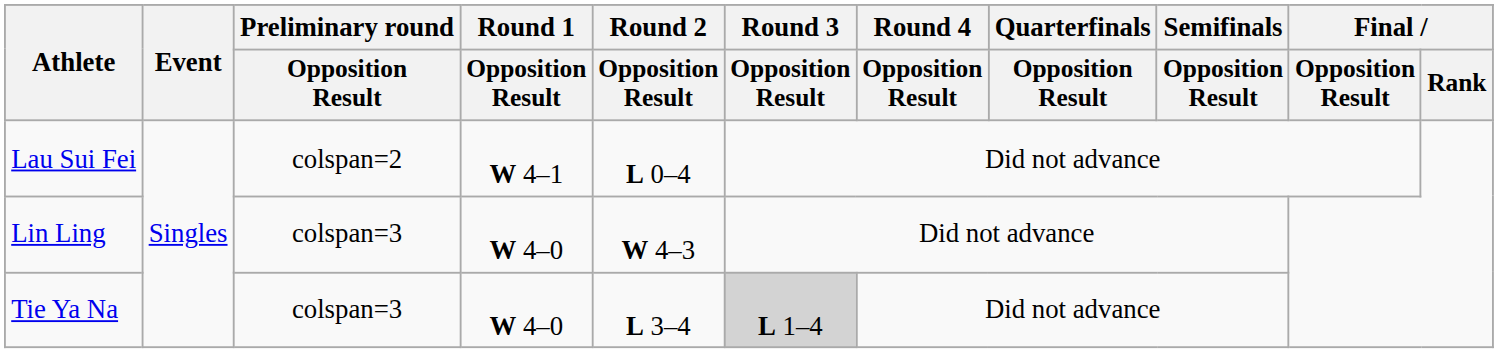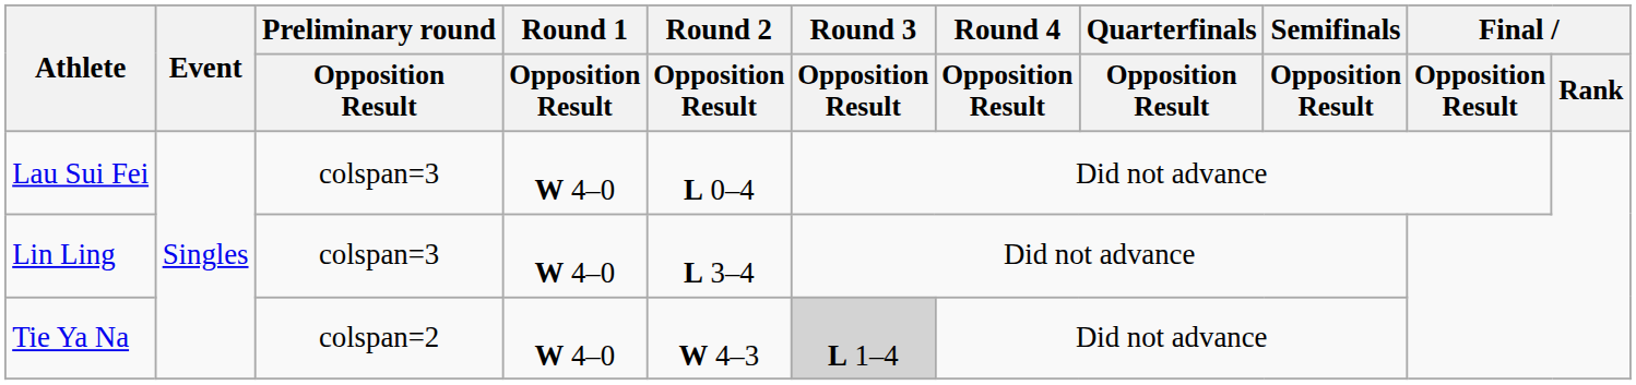 <table class="wikitable" style="font-size:90%">
 <tr>
 <th rowspan="2">Athlete</th>
 <th rowspan="2">Event</th>
 <th>Preliminary round</th>
 <th>Round 1</th>
 <th>Round 2</th>
 <th>Round 3</th>
 <th>Round 4</th>
 <th>Quarterfinals</th>
 <th>Semifinals</th>
 <th colspan=2>Final / </th>
 </tr>
 <tr style="font-size:95%">
 <th>Opposition<br>Result</th>
 <th>Opposition<br>Result</th>
 <th>Opposition<br>Result</th>
 <th>Opposition<br>Result</th>
 <th>Opposition<br>Result</th>
 <th>Opposition<br>Result</th>
 <th>Opposition<br>Result</th>
 <th>Opposition<br>Result</th>
 <th>Rank</th>
 </tr>
 <tr align=center>
 <td align=left><a href='#'>Lau Sui Fei</a></td>
 <td align=left rowspan=3><a href='#'>Singles</a></td>
-<td>colspan=2 </td>
-<td><br><strong>W</strong> 4–1</td>
+<td>colspan=3 </td>
+<td><br><strong>W</strong> 4–0</td>
 <td><br><strong>L</strong> 0–4</td>
 <td colspan=5>Did not advance</td>
 </tr>
 <tr align=center>
 <td align=left><a href='#'>Lin Ling</a></td>
 <td>colspan=3 </td>
 <td><br><strong>W</strong> 4–0</td>
-<td><br><strong>W</strong> 4–3</td>
+<td><br><strong>L</strong> 3–4</td>
 <td colspan=4>Did not advance</td>
 </tr>
 <tr align=center>
 <td align=left><a href='#'>Tie Ya Na</a></td>
-<td>colspan=3 </td>
+<td>colspan=2 </td>
 <td><br><strong>W</strong> 4–0</td>
-<td><br><strong>L</strong> 3–4</td>
+<td><br><strong>W</strong> 4–3</td>
 <td style="background: lightgrey;"><br><strong>L</strong> 1–4</td>
 <td colspan=3>Did not advance</td>
 </tr>
 </table>
